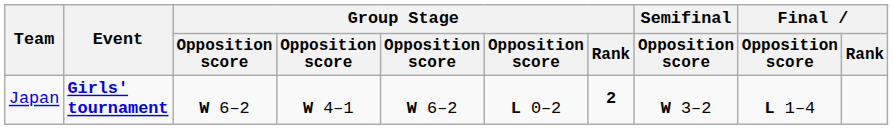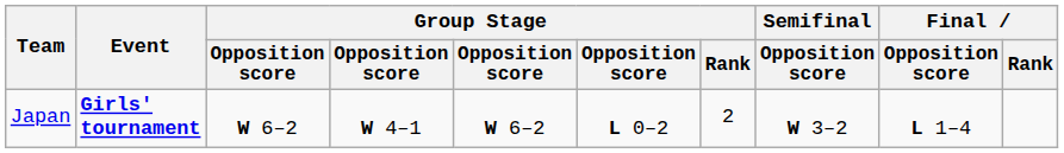 <table class=wikitable style=font-size:90%;text-align:center>
 <tr>
 <th rowspan=2>Team</th>
 <th rowspan=2>Event</th>
 <th colspan=5>Group Stage</th>
 <th>Semifinal</th>
 <th colspan=2>Final / </th>
 </tr>
 <tr style=font-size:95%>
 <th>Opposition<br>score</th>
 <th>Opposition<br>score</th>
 <th>Opposition<br>score</th>
 <th>Opposition<br>score</th>
 <th>Rank</th>
 <th>Opposition<br>score</th>
 <th>Opposition<br>score</th>
 <th>Rank</th>
 </tr>
 <tr>
 <td align=left><a href='#'>Japan</a></td>
 <td align=left><strong><a href='#'>Girls' tournament</a></strong></td>
 <td><br><strong>W</strong> 6–2</td>
 <td><br><strong>W</strong> 4–1</td>
 <td><br><strong>W</strong> 6–2</td>
 <td><br><strong>L</strong> 0–2</td>
-<td><strong>2</strong></td>
+<td>2</td>
 <td><br><strong>W</strong> 3–2</td>
 <td><br><strong>L</strong> 1–4</td>
 <td></td>
 </tr>
 </table>
